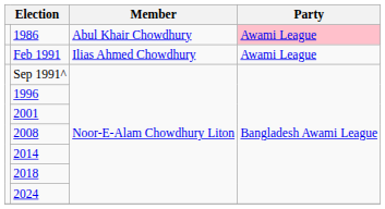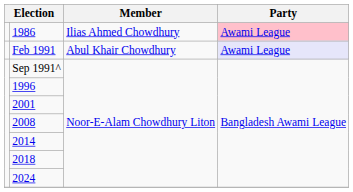 <table class="wikitable">
 <tr>
 <th colspan="2">Election</th>
 <th>Member</th>
 <th>Party</th>
 </tr>
 <tr>
 <td style="background-color:"></td>
 <td><a href='#'>1986</a></td>
-<td><a href='#'>Abul Khair Chowdhury</a></td>
+<td><a href='#'>Ilias Ahmed Chowdhury</a></td>
 <td style="background: pink;"><a href='#'>Awami League</a></td>
 </tr>
 <tr>
 <td style="background-color:"></td>
 <td><a href='#'>Feb 1991</a></td>
-<td><a href='#'>Ilias Ahmed Chowdhury</a></td>
-<td><a href='#'>Awami League</a></td>
+<td><a href='#'>Abul Khair Chowdhury</a></td>
+<td style="background: lavender;"><a href='#'>Awami League</a></td>
 </tr>
 <tr>
 <td rowspan="7" style="background-color:"></td>
 <td>Sep 1991^</td>
 <td rowspan="7"><a href='#'>Noor-E-Alam Chowdhury Liton</a></td>
 <td rowspan="7"><a href='#'>Bangladesh Awami League</a></td>
 </tr>
 <tr>
 <td><a href='#'>1996</a></td>
 </tr>
 <tr>
 <td><a href='#'>2001</a></td>
 </tr>
 <tr>
 <td><a href='#'>2008</a></td>
 </tr>
 <tr>
 <td><a href='#'>2014</a></td>
 </tr>
 <tr>
 <td><a href='#'>2018</a></td>
 </tr>
 <tr>
 <td><a href='#'>2024</a></td>
 </tr>
 <tr>
 </tr>
 </table>
